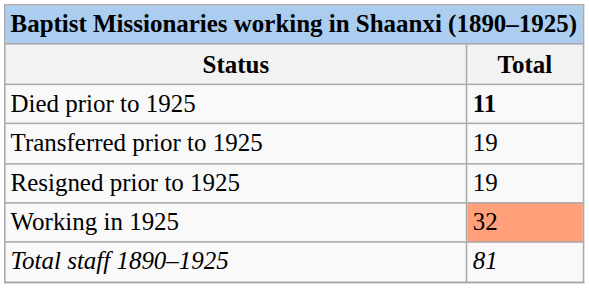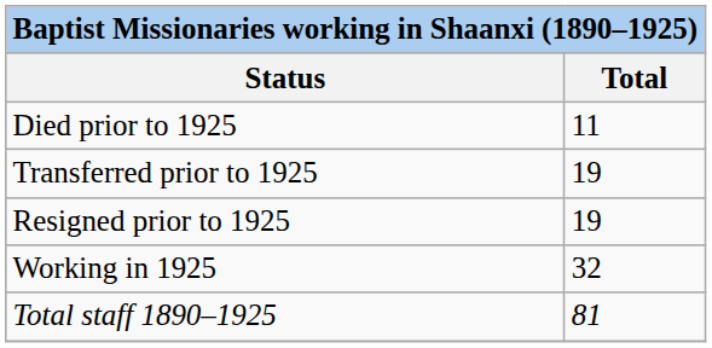 <table class="wikitable">
 <tr>
 <td bgcolor="#ABCDEF" align="center" colspan="6"><strong>Baptist Missionaries working in Shaanxi (1890–1925)</strong></td>
 </tr>
 <tr>
 <th>Status</th>
 <th>Total</th>
 </tr>
 <tr>
 <td>Died prior to 1925</td>
-<td><strong>11</strong></td>
+<td>11</td>
 </tr>
 <tr>
 <td>Transferred prior to 1925</td>
 <td>19</td>
 </tr>
 <tr>
 <td>Resigned prior to 1925</td>
 <td>19</td>
 </tr>
 <tr>
 <td>Working in 1925</td>
-<td style="background: lightsalmon;">32</td>
+<td>32</td>
 </tr>
 <tr>
 <td><em>Total staff 1890–1925</em></td>
 <td><em>81</em></td>
 </tr>
 <tr>
 </tr>
 </table>
